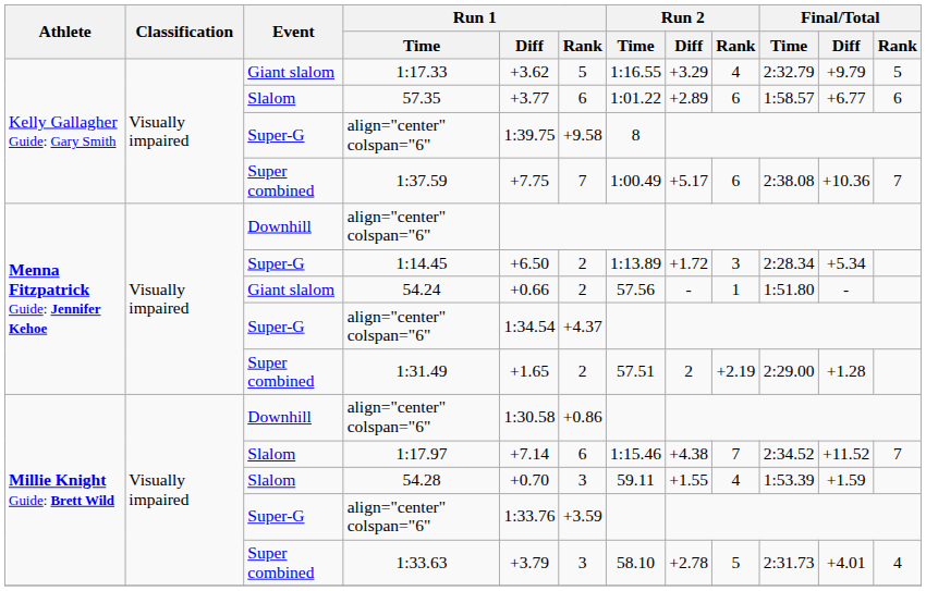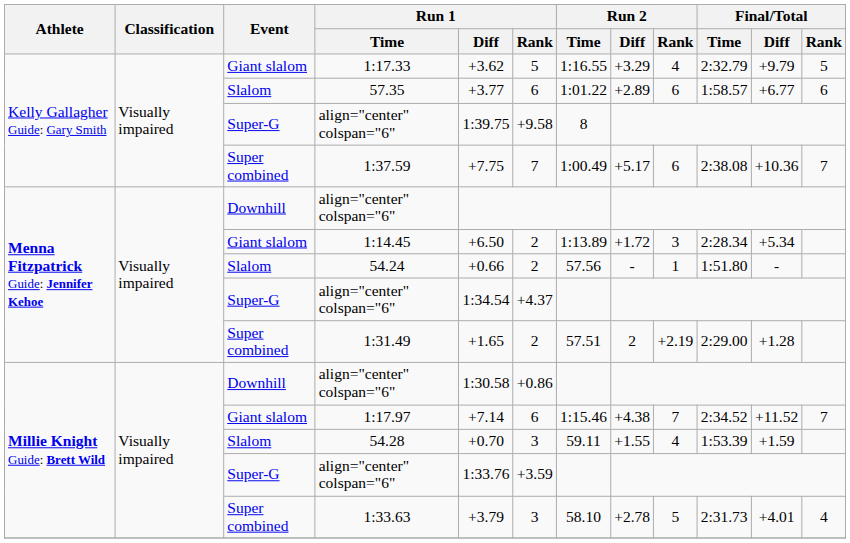 <table class="wikitable" style="font-size:100%">
 <tr>
 <th rowspan="2">Athlete</th>
 <th rowspan="2">Classification</th>
 <th rowspan="2">Event</th>
 <th colspan="3">Run 1</th>
 <th colspan="3">Run 2</th>
 <th colspan="3">Final/Total</th>
 </tr>
 <tr>
 <th>Time</th>
 <th>Diff</th>
 <th>Rank</th>
 <th>Time</th>
 <th>Diff</th>
 <th>Rank</th>
 <th>Time</th>
 <th>Diff</th>
 <th>Rank</th>
 </tr>
 <tr>
 <td rowspan=4><a href='#'>Kelly Gallagher</a><br><small><a href='#'>Guide</a>: <a href='#'>Gary Smith</a></small></td>
 <td rowspan=4>Visually impaired</td>
 <td><a href='#'>Giant slalom</a></td>
 <td align="center">1:17.33</td>
 <td align="center">+3.62</td>
 <td align="center">5</td>
 <td align="center">1:16.55</td>
 <td align="center">+3.29</td>
 <td align="center">4</td>
 <td align="center">2:32.79</td>
 <td align="center">+9.79</td>
 <td align="center">5</td>
 </tr>
 <tr>
 <td><a href='#'>Slalom</a></td>
 <td align="center">57.35</td>
 <td align="center">+3.77</td>
 <td align="center">6</td>
 <td align="center">1:01.22</td>
 <td align="center">+2.89</td>
 <td align="center">6</td>
 <td align="center">1:58.57</td>
 <td align="center">+6.77</td>
 <td align="center">6</td>
 </tr>
 <tr>
 <td><a href='#'>Super-G</a></td>
 <td>align="center" colspan="6" </td>
 <td align="center">1:39.75</td>
 <td align="center">+9.58</td>
 <td align="center">8</td>
 </tr>
 <tr>
 <td><a href='#'>Super combined</a></td>
 <td align="center">1:37.59</td>
 <td align="center">+7.75</td>
 <td align="center">7</td>
 <td align="center">1:00.49</td>
 <td align="center">+5.17</td>
 <td align="center">6</td>
 <td align="center">2:38.08</td>
 <td align="center">+10.36</td>
 <td align="center">7</td>
 </tr>
 <tr>
 <td rowspan=5><strong><a href='#'>Menna Fitzpatrick</a></strong><br><small><a href='#'>Guide</a>: <strong><a href='#'>Jennifer Kehoe</a></strong></small></td>
 <td rowspan=5>Visually impaired</td>
 <td><a href='#'>Downhill</a></td>
 <td>align="center" colspan="6" </td>
 <td align="center" colspan="3"></td>
 </tr>
 <tr>
-<td><a href='#'>Super-G</a></td>
+<td><a href='#'>Giant slalom</a></td>
 <td align="center">1:14.45</td>
 <td align="center">+6.50</td>
 <td align="center">2</td>
 <td align="center">1:13.89</td>
 <td align="center">+1.72</td>
 <td align="center">3</td>
 <td align="center">2:28.34</td>
 <td align="center">+5.34</td>
 <td align="center"></td>
 </tr>
 <tr>
-<td><a href='#'>Giant slalom</a></td>
+<td><a href='#'>Slalom</a></td>
 <td align="center">54.24</td>
 <td align="center">+0.66</td>
 <td align="center">2</td>
 <td align="center">57.56</td>
 <td align="center">-</td>
 <td align="center">1</td>
 <td align="center">1:51.80</td>
 <td align="center">-</td>
 <td align="center"></td>
 </tr>
 <tr>
 <td><a href='#'>Super-G</a></td>
 <td>align="center" colspan="6" </td>
 <td align="center">1:34.54</td>
 <td align="center">+4.37</td>
 <td align="center"></td>
 </tr>
 <tr>
 <td><a href='#'>Super combined</a></td>
 <td align="center">1:31.49</td>
 <td align="center">+1.65</td>
 <td align="center">2</td>
 <td align="center">57.51</td>
 <td align="center">2</td>
 <td align="center">+2.19</td>
 <td align="center">2:29.00</td>
 <td align="center">+1.28</td>
 <td align="center"></td>
 </tr>
 <tr>
 <td rowspan=5><strong><a href='#'>Millie Knight</a></strong><br><small><a href='#'>Guide</a>: <strong><a href='#'>Brett Wild</a></strong></small></td>
 <td rowspan=5>Visually impaired</td>
 <td><a href='#'>Downhill</a></td>
 <td>align="center" colspan="6" </td>
 <td align="center">1:30.58</td>
 <td align="center">+0.86</td>
 <td align="center"></td>
 </tr>
 <tr>
-<td><a href='#'>Slalom</a></td>
+<td><a href='#'>Giant slalom</a></td>
 <td align="center">1:17.97</td>
 <td align="center">+7.14</td>
 <td align="center">6</td>
 <td align="center">1:15.46</td>
 <td align="center">+4.38</td>
 <td align="center">7</td>
 <td align="center">2:34.52</td>
 <td align="center">+11.52</td>
 <td align="center">7</td>
 </tr>
 <tr>
 <td><a href='#'>Slalom</a></td>
 <td align="center">54.28</td>
 <td align="center">+0.70</td>
 <td align="center">3</td>
 <td align="center">59.11</td>
 <td align="center">+1.55</td>
 <td align="center">4</td>
 <td align="center">1:53.39</td>
 <td align="center">+1.59</td>
 <td align="center"></td>
 </tr>
 <tr>
 <td><a href='#'>Super-G</a></td>
 <td>align="center" colspan="6" </td>
 <td align="center">1:33.76</td>
 <td align="center">+3.59</td>
 <td align="center"></td>
 </tr>
 <tr>
 <td><a href='#'>Super combined</a></td>
 <td align="center">1:33.63</td>
 <td align="center">+3.79</td>
 <td align="center">3</td>
 <td align="center">58.10</td>
 <td align="center">+2.78</td>
 <td align="center">5</td>
 <td align="center">2:31.73</td>
 <td align="center">+4.01</td>
 <td align="center">4</td>
 </tr>
 <tr>
 </tr>
 </table>
